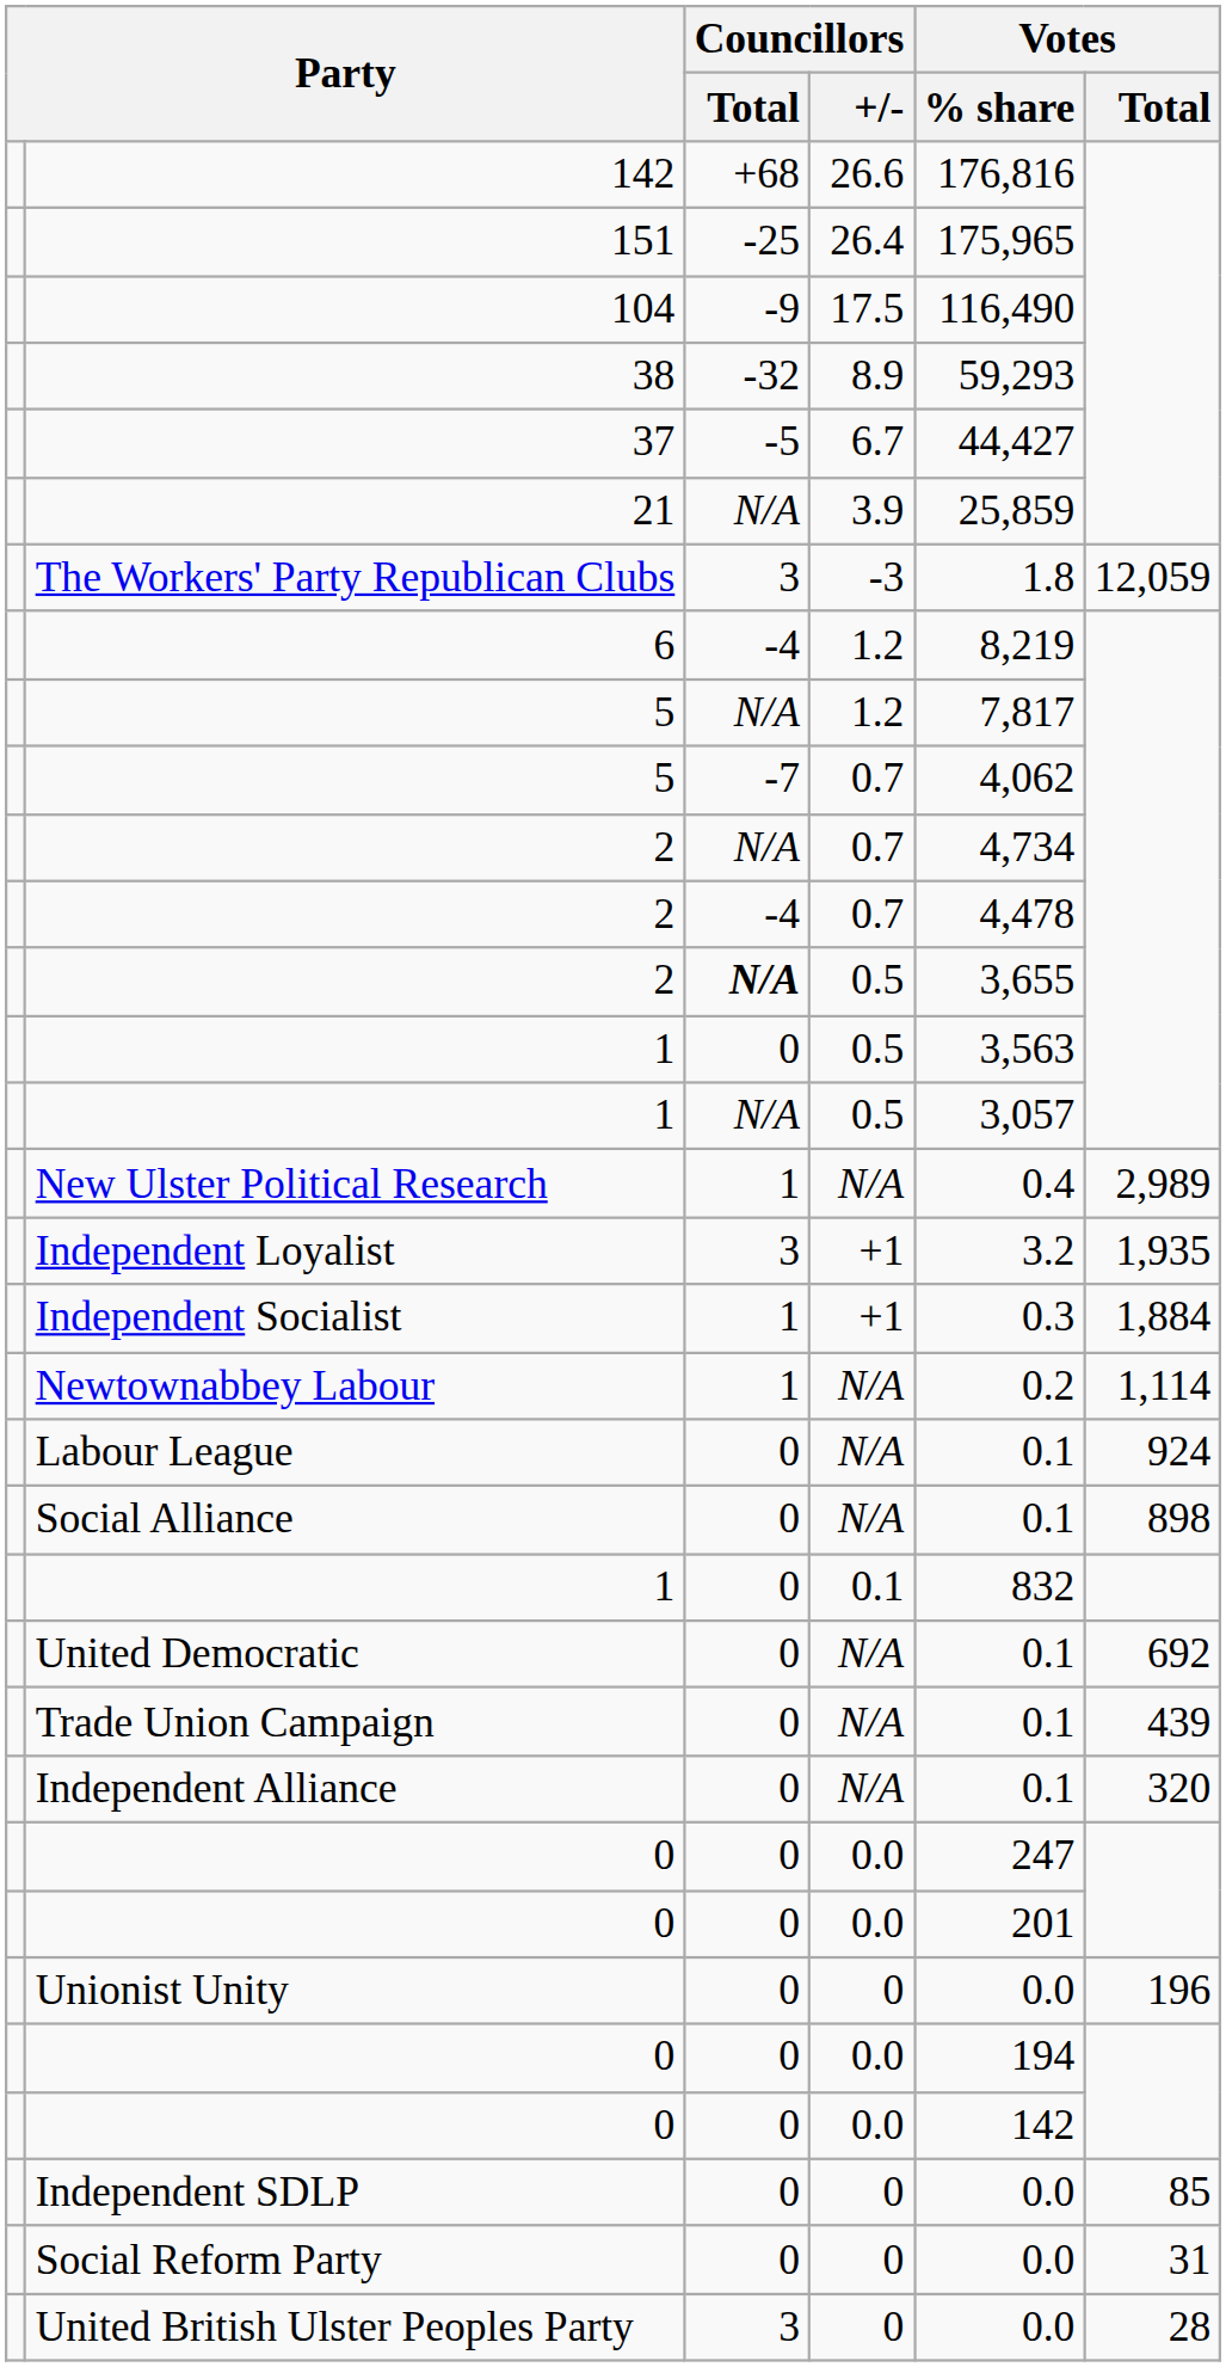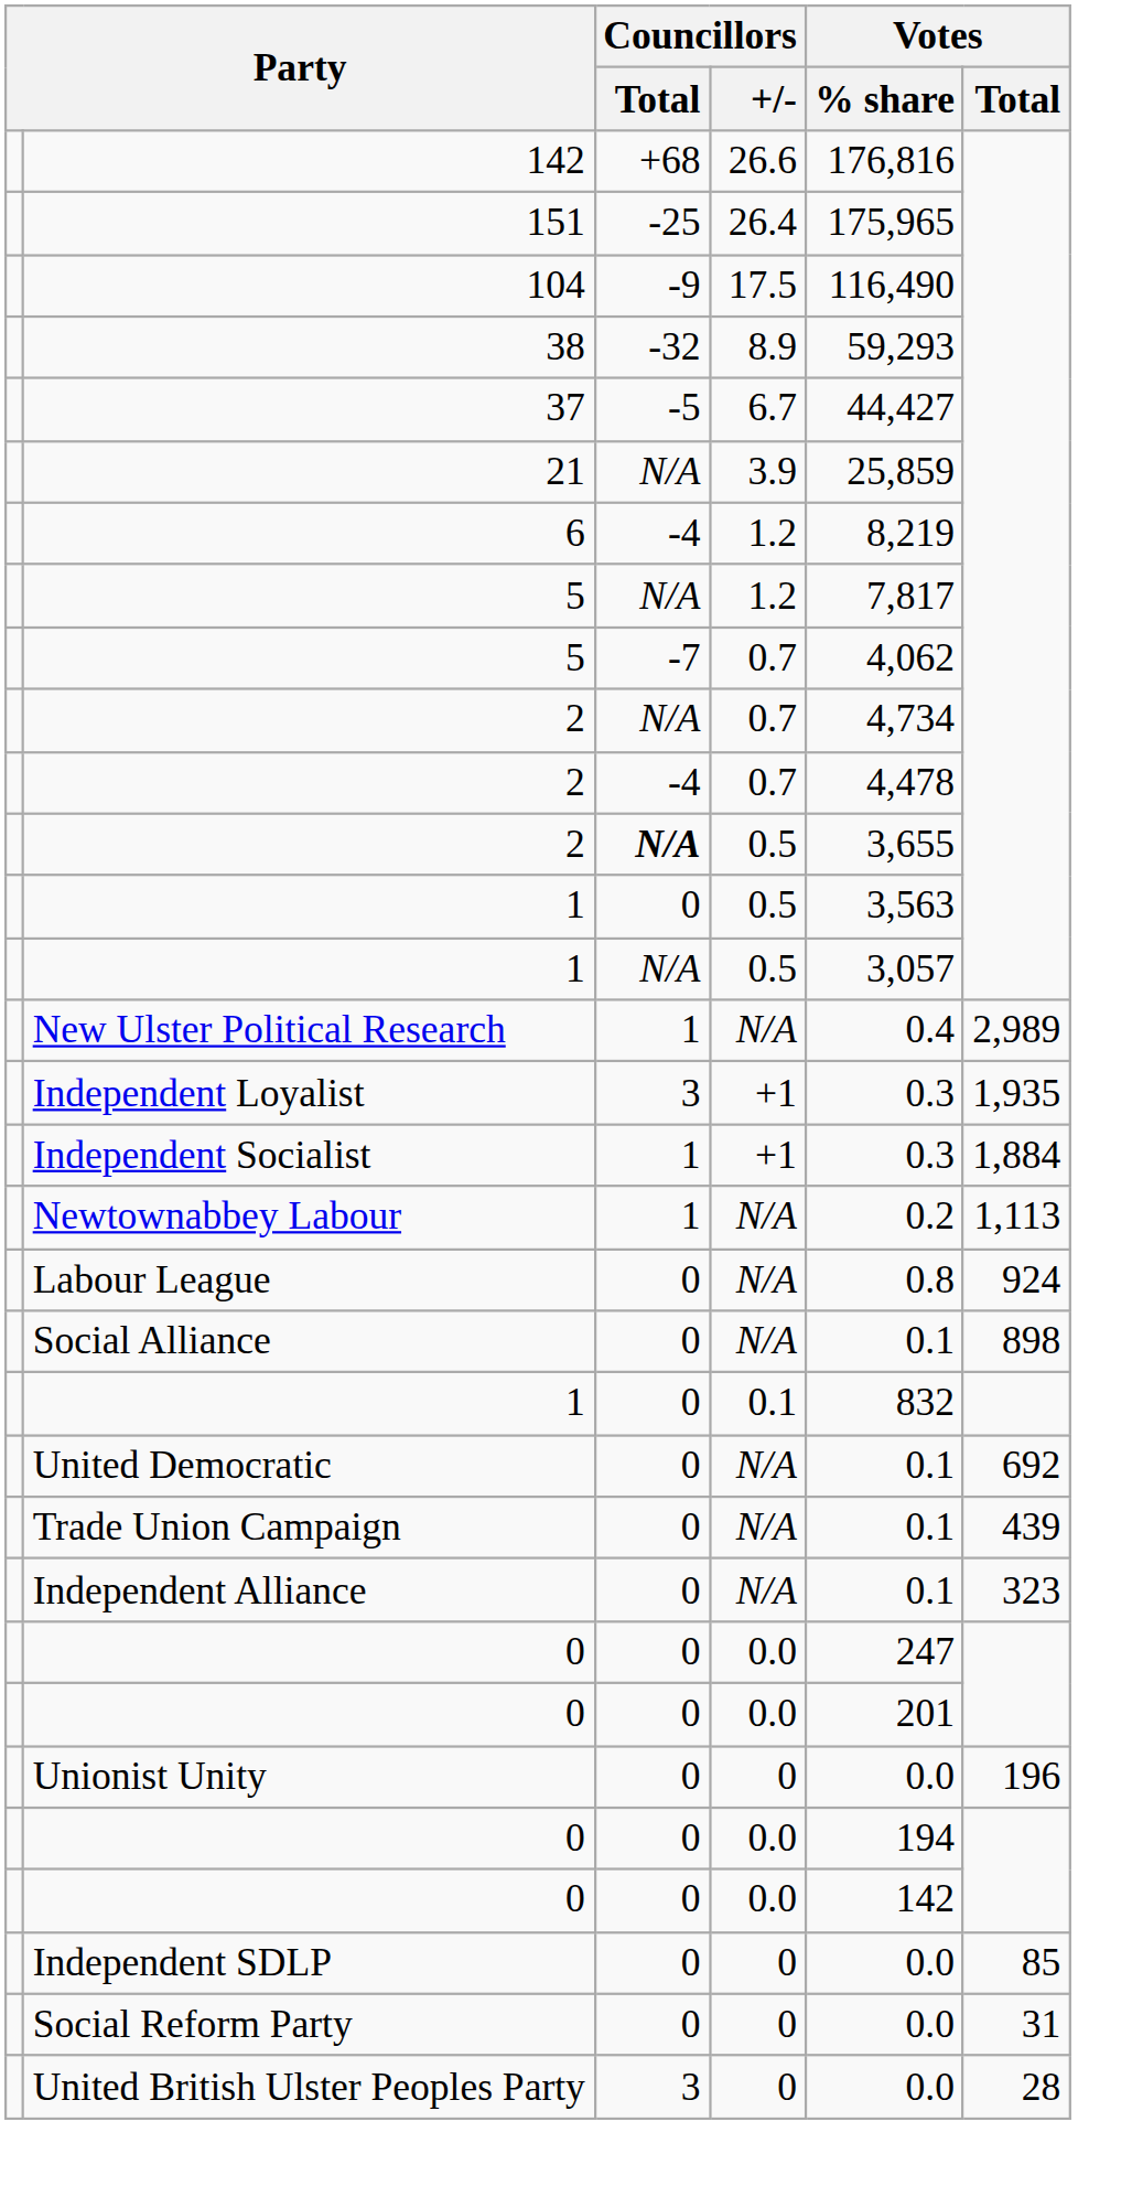 <table class="wikitable">
 <tr>
 <th colspan="2" rowspan="2">Party</th>
 <th colspan="2">Councillors</th>
 <th colspan="2">Votes</th>
 </tr>
 <tr>
 <th style="text-align: right;" valign="top">Total</th>
 <th style="text-align: right;" valign="top">+/-</th>
 <th style="text-align: right;" valign="top">% share</th>
 <th style="text-align: right;" valign="top">Total</th>
 </tr>
 <tr>
 <td></td>
 <td align="right">142</td>
 <td align="right">+68</td>
 <td align="right">26.6</td>
 <td align="right">176,816</td>
 </tr>
 <tr>
 <td></td>
 <td align="right">151</td>
 <td align="right">-25</td>
 <td align="right">26.4</td>
 <td align="right">175,965</td>
 </tr>
 <tr>
 <td></td>
 <td align="right">104</td>
 <td align="right">-9</td>
 <td align="right">17.5</td>
 <td align="right">116,490</td>
 </tr>
 <tr>
 <td></td>
 <td align="right">38</td>
 <td align="right">-32</td>
 <td align="right">8.9</td>
 <td align="right">59,293</td>
 </tr>
 <tr>
 <td></td>
 <td align="right">37</td>
 <td align="right">-5</td>
 <td align="right">6.7</td>
 <td align="right">44,427</td>
 </tr>
 <tr>
 <td></td>
 <td align="right">21</td>
 <td align="right"><em>N/A</em></td>
 <td align="right">3.9</td>
 <td align="right">25,859</td>
-</tr>
-<tr>
-<td style="background-color: "></td>
-<td><a href='#'>The Workers' Party Republican Clubs</a></td>
-<td align="right">3</td>
-<td align="right">-3</td>
-<td align="right">1.8</td>
-<td align="right">12,059</td>
 </tr>
 <tr>
 <td></td>
 <td align="right">6</td>
 <td align="right">-4</td>
 <td align="right">1.2</td>
 <td align="right">8,219</td>
 </tr>
 <tr>
 <td></td>
 <td align="right">5</td>
 <td align="right"><em>N/A</em></td>
 <td align="right">1.2</td>
 <td align="right">7,817</td>
 </tr>
 <tr>
 <td></td>
 <td align="right">5</td>
 <td align="right">-7</td>
 <td align="right">0.7</td>
 <td align="right">4,062</td>
 </tr>
 <tr>
 <td></td>
 <td align="right">2</td>
 <td align="right"><em>N/A</em></td>
 <td align="right">0.7</td>
 <td align="right">4,734</td>
 </tr>
 <tr>
 <td></td>
 <td align="right">2</td>
 <td align="right">-4</td>
 <td align="right">0.7</td>
 <td align="right">4,478</td>
 </tr>
 <tr>
 <td></td>
 <td align="right">2</td>
 <td align="right"><strong><em>N/A</em></strong></td>
 <td align="right">0.5</td>
 <td align="right">3,655</td>
 </tr>
 <tr>
 <td></td>
 <td align="right">1</td>
 <td align="right">0</td>
 <td align="right">0.5</td>
 <td align="right">3,563</td>
 </tr>
 <tr>
 <td></td>
 <td align="right">1</td>
 <td align="right"><em>N/A</em></td>
 <td align="right">0.5</td>
 <td align="right">3,057</td>
 </tr>
 <tr>
 <td></td>
 <td><a href='#'>New Ulster Political Research</a></td>
 <td align="right">1</td>
 <td align="right"><em>N/A</em></td>
 <td align="right">0.4</td>
 <td align="right">2,989</td>
 </tr>
 <tr>
 <td></td>
 <td><a href='#'>Independent</a> Loyalist</td>
 <td align="right">3</td>
 <td align="right">+1</td>
-<td align="right">3.2</td>
+<td align="right">0.3</td>
 <td align="right">1,935</td>
 </tr>
 <tr>
 <td></td>
 <td><a href='#'>Independent</a> Socialist</td>
 <td align="right">1</td>
 <td align="right">+1</td>
 <td align="right">0.3</td>
 <td align="right">1,884</td>
 </tr>
 <tr>
 <td></td>
 <td><a href='#'>Newtownabbey Labour</a></td>
 <td align="right">1</td>
 <td align="right"><em>N/A</em></td>
 <td align="right">0.2</td>
-<td align="right">1,114</td>
+<td align="right">1,113</td>
 </tr>
 <tr>
 <td></td>
 <td>Labour League</td>
 <td align="right">0</td>
 <td align="right"><em>N/A</em></td>
-<td align="right">0.1</td>
+<td align="right">0.8</td>
 <td align="right">924</td>
 </tr>
 <tr>
 <td></td>
 <td>Social Alliance</td>
 <td align="right">0</td>
 <td align="right"><em>N/A</em></td>
 <td align="right">0.1</td>
 <td align="right">898</td>
 </tr>
 <tr>
 <td></td>
 <td align="right">1</td>
 <td align="right">0</td>
 <td align="right">0.1</td>
 <td align="right">832</td>
 </tr>
 <tr>
 <td></td>
 <td>United Democratic</td>
 <td align="right">0</td>
 <td align="right"><em>N/A</em></td>
 <td align="right">0.1</td>
 <td align="right">692</td>
 </tr>
 <tr>
 <td></td>
 <td>Trade Union Campaign</td>
 <td align="right">0</td>
 <td align="right"><em>N/A</em></td>
 <td align="right">0.1</td>
 <td align="right">439</td>
 </tr>
 <tr>
 <td></td>
 <td>Independent Alliance</td>
 <td align="right">0</td>
 <td align="right"><em>N/A</em></td>
 <td align="right">0.1</td>
-<td align="right">320</td>
+<td align="right">323</td>
 </tr>
 <tr>
 <td></td>
 <td align="right">0</td>
 <td align="right">0</td>
 <td align="right">0.0</td>
 <td align="right">247</td>
 </tr>
 <tr>
 <td></td>
 <td align="right">0</td>
 <td align="right">0</td>
 <td align="right">0.0</td>
 <td align="right">201</td>
 </tr>
 <tr>
 <td></td>
 <td>Unionist Unity</td>
 <td align="right">0</td>
 <td align="right">0</td>
 <td align="right">0.0</td>
 <td align="right">196</td>
 </tr>
 <tr>
 <td></td>
 <td align="right">0</td>
 <td align="right">0</td>
 <td align="right">0.0</td>
 <td align="right">194</td>
 </tr>
 <tr>
 <td></td>
 <td align="right">0</td>
 <td align="right">0</td>
 <td align="right">0.0</td>
 <td align="right">142</td>
 </tr>
 <tr>
 <td></td>
 <td>Independent SDLP</td>
 <td align="right">0</td>
 <td align="right">0</td>
 <td align="right">0.0</td>
 <td align="right">85</td>
 </tr>
 <tr>
 <td></td>
 <td>Social Reform Party</td>
 <td align="right">0</td>
 <td align="right">0</td>
 <td align="right">0.0</td>
 <td align="right">31</td>
 </tr>
 <tr>
 <td></td>
 <td>United British Ulster Peoples Party</td>
 <td align="right">3</td>
 <td align="right">0</td>
 <td align="right">0.0</td>
 <td align="right">28</td>
 </tr>
 </table>
